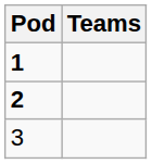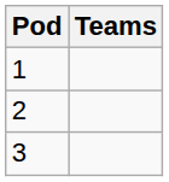 <table class="wikitable">
 <tr>
 <th>Pod</th>
 <th>Teams</th>
 </tr>
 <tr>
-<td><strong>1</strong></td>
+<td>1</td>
 <td></td>
 </tr>
 <tr>
-<td><strong>2</strong></td>
+<td>2</td>
 <td></td>
 </tr>
 <tr>
 <td>3</td>
 <td></td>
 </tr>
 </table>
